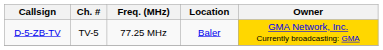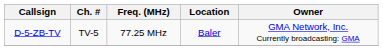 <table class="wikitable" style="width:100%; text-align:center;">
 <tr>
 <th>Callsign</th>
 <th>Ch. #</th>
 <th>Freq. (MHz)</th>
 <th>Location</th>
 <th>Owner</th>
 </tr>
 <tr>
 <td><a href='#'>D-5-ZB-TV</a></td>
 <td>TV-5</td>
 <td>77.25 MHz</td>
 <td><a href='#'>Baler</a></td>
-<td style="background: gold;"><a href='#'>GMA Network, Inc.</a><br><small>Currently broadcasting: <a href='#'>GMA</a></small></td>
+<td><a href='#'>GMA Network, Inc.</a><br><small>Currently broadcasting: <a href='#'>GMA</a></small></td>
 </tr>
 <tr>
 </tr>
 </table>
